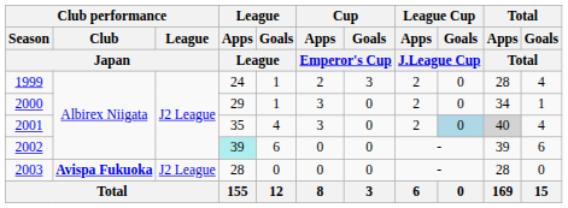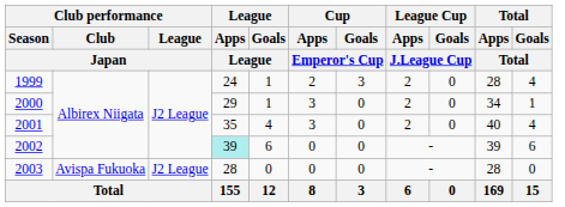 <table class="wikitable" style="text-align:center;">
 <tr>
 <th colspan=3>Club performance</th>
 <th colspan=2>League</th>
 <th colspan=2>Cup</th>
 <th colspan=2>League Cup</th>
 <th colspan=2>Total</th>
 </tr>
 <tr>
 <th>Season</th>
 <th>Club</th>
 <th>League</th>
 <th>Apps</th>
 <th>Goals</th>
 <th>Apps</th>
 <th>Goals</th>
 <th>Apps</th>
 <th>Goals</th>
 <th>Apps</th>
 <th>Goals</th>
 </tr>
 <tr>
 <th colspan=3>Japan</th>
 <th colspan=2>League</th>
 <th colspan=2><a href='#'>Emperor's Cup</a></th>
 <th colspan=2><a href='#'>J.League Cup</a></th>
 <th colspan=2>Total</th>
 </tr>
 <tr>
 <td><a href='#'>1999</a></td>
 <td rowspan="4"><a href='#'>Albirex Niigata</a></td>
 <td rowspan="4"><a href='#'>J2 League</a></td>
 <td>24</td>
 <td>1</td>
 <td>2</td>
 <td>3</td>
 <td>2</td>
 <td>0</td>
 <td>28</td>
 <td>4</td>
 </tr>
 <tr>
 <td><a href='#'>2000</a></td>
 <td>29</td>
 <td>1</td>
 <td>3</td>
 <td>0</td>
 <td>2</td>
 <td>0</td>
 <td>34</td>
 <td>1</td>
 </tr>
 <tr>
 <td><a href='#'>2001</a></td>
 <td>35</td>
 <td>4</td>
 <td>3</td>
 <td>0</td>
 <td>2</td>
-<td style="background: lightblue;">0</td>
-<td style="background: lightgrey;">40</td>
+<td>0</td>
+<td>40</td>
 <td>4</td>
 </tr>
 <tr>
 <td><a href='#'>2002</a></td>
 <td style="background: paleturquoise;">39</td>
 <td>6</td>
 <td>0</td>
 <td>0</td>
 <td colspan="2">-</td>
 <td>39</td>
 <td>6</td>
 </tr>
 <tr>
 <td><a href='#'>2003</a></td>
-<td><strong><a href='#'>Avispa Fukuoka</a></strong></td>
+<td><a href='#'>Avispa Fukuoka</a></td>
 <td><a href='#'>J2 League</a></td>
 <td>28</td>
 <td>0</td>
 <td>0</td>
 <td>0</td>
 <td colspan="2">-</td>
 <td>28</td>
 <td>0</td>
 </tr>
 <tr>
 <th colspan=3>Total</th>
 <th>155</th>
 <th>12</th>
 <th>8</th>
 <th>3</th>
 <th>6</th>
 <th>0</th>
 <th>169</th>
 <th>15</th>
 </tr>
 </table>
